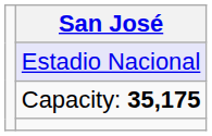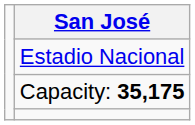 <table class="wikitable" style="text-align:center">
 <tr>
 <td rowspan=4></td>
 <th><a href='#'>San José</a></th>
 </tr>
 <tr>
-<td style="background: lavender;"><a href='#'>Estadio Nacional</a></td>
+<td><a href='#'>Estadio Nacional</a></td>
 </tr>
 <tr>
 <td>Capacity: <strong>35,175</strong></td>
 </tr>
 <tr>
 <td></td>
 </tr>
 </table>
